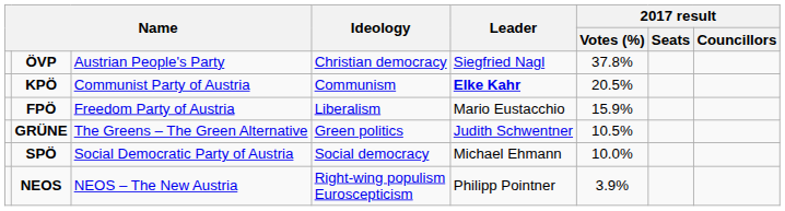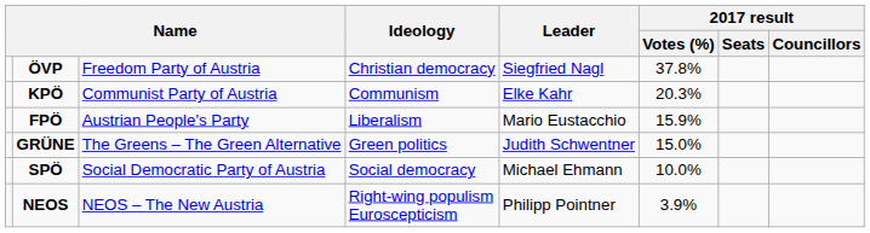 <table class="wikitable">
 <tr>
 <th rowspan="2" colspan="3">Name</th>
 <th rowspan="2">Ideology</th>
 <th rowspan="2">Leader</th>
 <th colspan="3">2017 result</th>
 </tr>
 <tr>
 <th>Votes (%)</th>
 <th>Seats</th>
 <th>Councillors</th>
 </tr>
 <tr>
 <td style="background:"></td>
 <td style="text-align:center;"><strong>ÖVP</strong></td>
-<td><a href='#'>Austrian People's Party</a><br></td>
+<td><a href='#'>Freedom Party of Austria</a><br></td>
 <td><a href='#'>Christian democracy</a></td>
 <td><a href='#'>Siegfried Nagl</a></td>
 <td style="text-align:center;">37.8%</td>
 <td></td>
 <td></td>
 </tr>
 <tr>
 <td style="background:"></td>
 <td style="text-align:center;"><strong>KPÖ</strong></td>
 <td><a href='#'>Communist Party of Austria</a><br></td>
 <td><a href='#'>Communism</a></td>
-<td><strong><a href='#'>Elke Kahr</a></strong></td>
-<td style="text-align:center;">20.5%</td>
+<td><a href='#'>Elke Kahr</a></td>
+<td style="text-align:center;">20.3%</td>
 <td></td>
 <td></td>
 </tr>
 <tr>
 <td style="background:"></td>
 <td style="text-align:center;"><strong>FPÖ</strong></td>
-<td><a href='#'>Freedom Party of Austria</a><br></td>
+<td><a href='#'>Austrian People's Party</a><br></td>
 <td><a href='#'>Liberalism</a></td>
 <td>Mario Eustacchio</td>
 <td style="text-align:center;">15.9%</td>
 <td></td>
 <td></td>
 </tr>
 <tr>
 <td style="background:"></td>
 <td style="text-align:center;"><strong>GRÜNE</strong></td>
 <td><a href='#'>The Greens – The Green Alternative</a><br></td>
 <td><a href='#'>Green politics</a></td>
 <td><a href='#'>Judith Schwentner</a></td>
-<td style="text-align:center;">10.5%</td>
+<td style="text-align:center;">15.0%</td>
 <td></td>
 <td></td>
 </tr>
 <tr>
 <td style="background:"></td>
 <td style="text-align:center;"><strong>SPÖ</strong></td>
 <td><a href='#'>Social Democratic Party of Austria</a><br></td>
 <td><a href='#'>Social democracy</a></td>
 <td>Michael Ehmann</td>
 <td style="text-align:center;">10.0%</td>
 <td></td>
 <td></td>
 </tr>
 <tr>
 <td style="background:"></td>
 <td style="text-align:center;"><strong>NEOS</strong></td>
 <td><a href='#'>NEOS – The New Austria</a><br></td>
 <td><a href='#'>Right-wing populism</a><br><a href='#'>Euroscepticism</a></td>
 <td>Philipp Pointner</td>
 <td style="text-align:center;">3.9%</td>
 <td></td>
 <td></td>
 </tr>
 </table>
